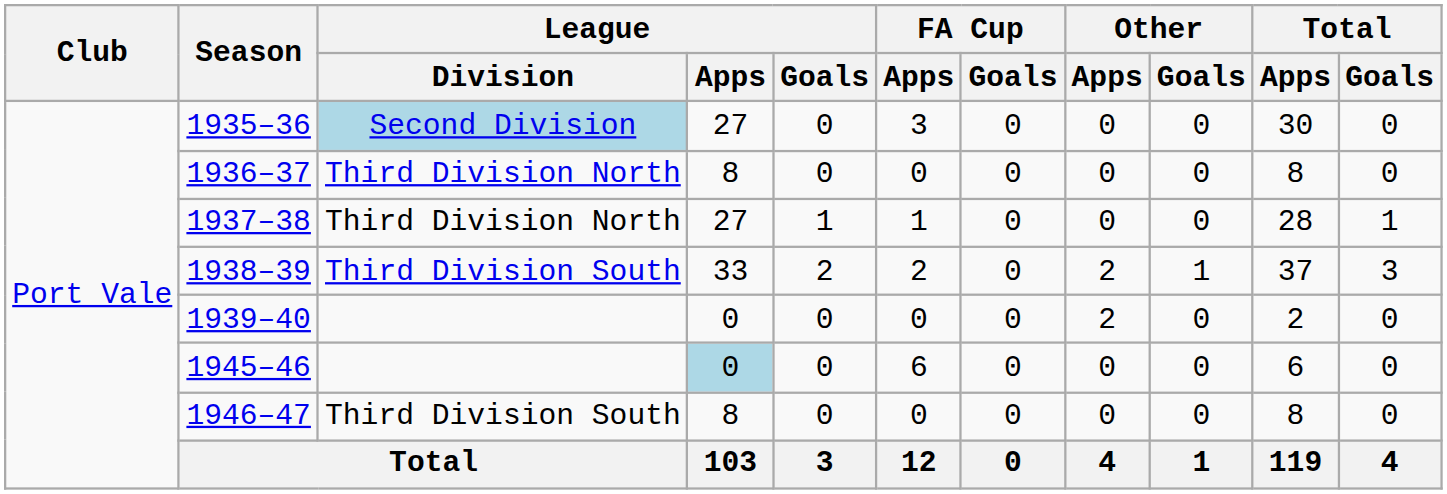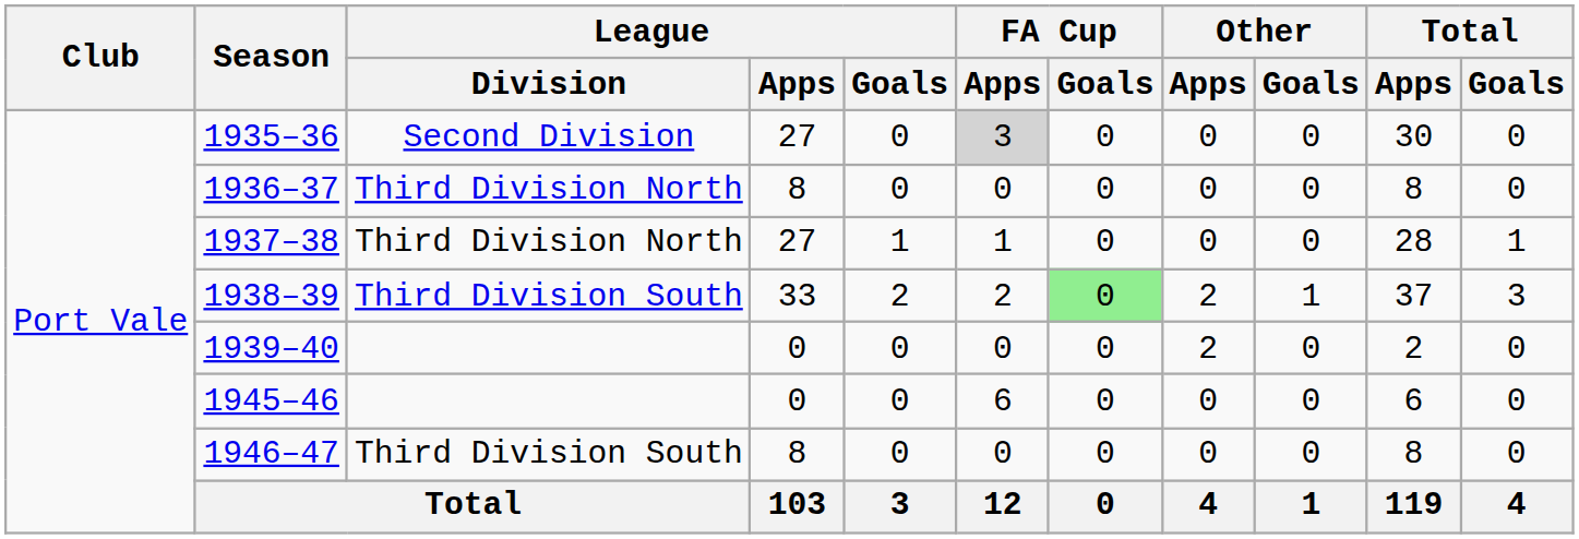 <table class="wikitable" style="text-align: center;">
 <tr>
 <th rowspan="2">Club</th>
 <th rowspan="2">Season</th>
 <th colspan="3">League</th>
 <th colspan="2">FA Cup</th>
 <th colspan="2">Other</th>
 <th colspan="2">Total</th>
 </tr>
 <tr>
 <th>Division</th>
 <th>Apps</th>
 <th>Goals</th>
 <th>Apps</th>
 <th>Goals</th>
 <th>Apps</th>
 <th>Goals</th>
 <th>Apps</th>
 <th>Goals</th>
 </tr>
 <tr>
 <td rowspan="8"><a href='#'>Port Vale</a></td>
 <td><a href='#'>1935–36</a></td>
-<td style="background: lightblue;"><a href='#'>Second Division</a></td>
+<td><a href='#'>Second Division</a></td>
 <td>27</td>
 <td>0</td>
-<td>3</td>
+<td style="background: lightgrey;">3</td>
 <td>0</td>
 <td>0</td>
 <td>0</td>
 <td>30</td>
 <td>0</td>
 </tr>
 <tr>
 <td><a href='#'>1936–37</a></td>
 <td><a href='#'>Third Division North</a></td>
 <td>8</td>
 <td>0</td>
 <td>0</td>
 <td>0</td>
 <td>0</td>
 <td>0</td>
 <td>8</td>
 <td>0</td>
 </tr>
 <tr>
 <td><a href='#'>1937–38</a></td>
 <td>Third Division North</td>
 <td>27</td>
 <td>1</td>
 <td>1</td>
 <td>0</td>
 <td>0</td>
 <td>0</td>
 <td>28</td>
 <td>1</td>
 </tr>
 <tr>
 <td><a href='#'>1938–39</a></td>
 <td><a href='#'>Third Division South</a></td>
 <td>33</td>
 <td>2</td>
 <td>2</td>
-<td>0</td>
+<td style="background: lightgreen;">0</td>
 <td>2</td>
 <td>1</td>
 <td>37</td>
 <td>3</td>
 </tr>
 <tr>
 <td><a href='#'>1939–40</a></td>
 <td></td>
 <td>0</td>
 <td>0</td>
 <td>0</td>
 <td>0</td>
 <td>2</td>
 <td>0</td>
 <td>2</td>
 <td>0</td>
 </tr>
 <tr>
 <td><a href='#'>1945–46</a></td>
 <td></td>
-<td style="background: lightblue;">0</td>
+<td>0</td>
 <td>0</td>
 <td>6</td>
 <td>0</td>
 <td>0</td>
 <td>0</td>
 <td>6</td>
 <td>0</td>
 </tr>
 <tr>
 <td><a href='#'>1946–47</a></td>
 <td>Third Division South</td>
 <td>8</td>
 <td>0</td>
 <td>0</td>
 <td>0</td>
 <td>0</td>
 <td>0</td>
 <td>8</td>
 <td>0</td>
 </tr>
 <tr>
 <th colspan="2">Total</th>
 <th>103</th>
 <th>3</th>
 <th>12</th>
 <th>0</th>
 <th>4</th>
 <th>1</th>
 <th>119</th>
 <th>4</th>
 </tr>
 </table>
